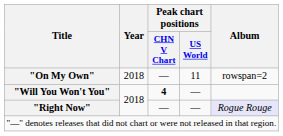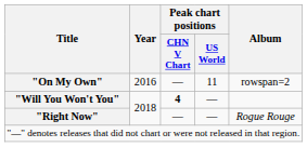 <table class="wikitable plainrowheaders" style="text-align:center;" border="1">
 <tr>
 <th scope="col" rowspan="2">Title</th>
 <th scope="col" rowspan="2">Year</th>
 <th scope="col" colspan="2">Peak chart positions</th>
 <th scope="col" rowspan="2">Album</th>
 </tr>
 <tr>
 <th scope="col" style="width:3em;font-size:90%;"><a href='#'>CHN V Chart</a><br></th>
 <th scope="col" style="width:3em;font-size:90%;"><a href='#'>US<br>World</a><br></th>
 </tr>
 <tr>
 <th scope="row">"On My Own"<br></th>
-<td>2018</td>
+<td>2016</td>
 <td>—</td>
 <td>11</td>
 <td>rowspan=2 </td>
 </tr>
 <tr>
 <th scope="row">"Will You Won't You" <br></th>
 <td rowspan=2>2018</td>
 <td><strong>4</strong></td>
 <td>—</td>
 </tr>
 <tr>
 <th scope="row">"Right Now"<br></th>
 <td>—</td>
 <td>—</td>
-<td style="background: lavender;"><em>Rogue Rouge</em></td>
+<td><em>Rogue Rouge</em></td>
 </tr>
 <tr>
 <td colspan="6" style="font-size:90%">"—" denotes releases that did not chart or were not released in that region.</td>
 </tr>
 </table>
